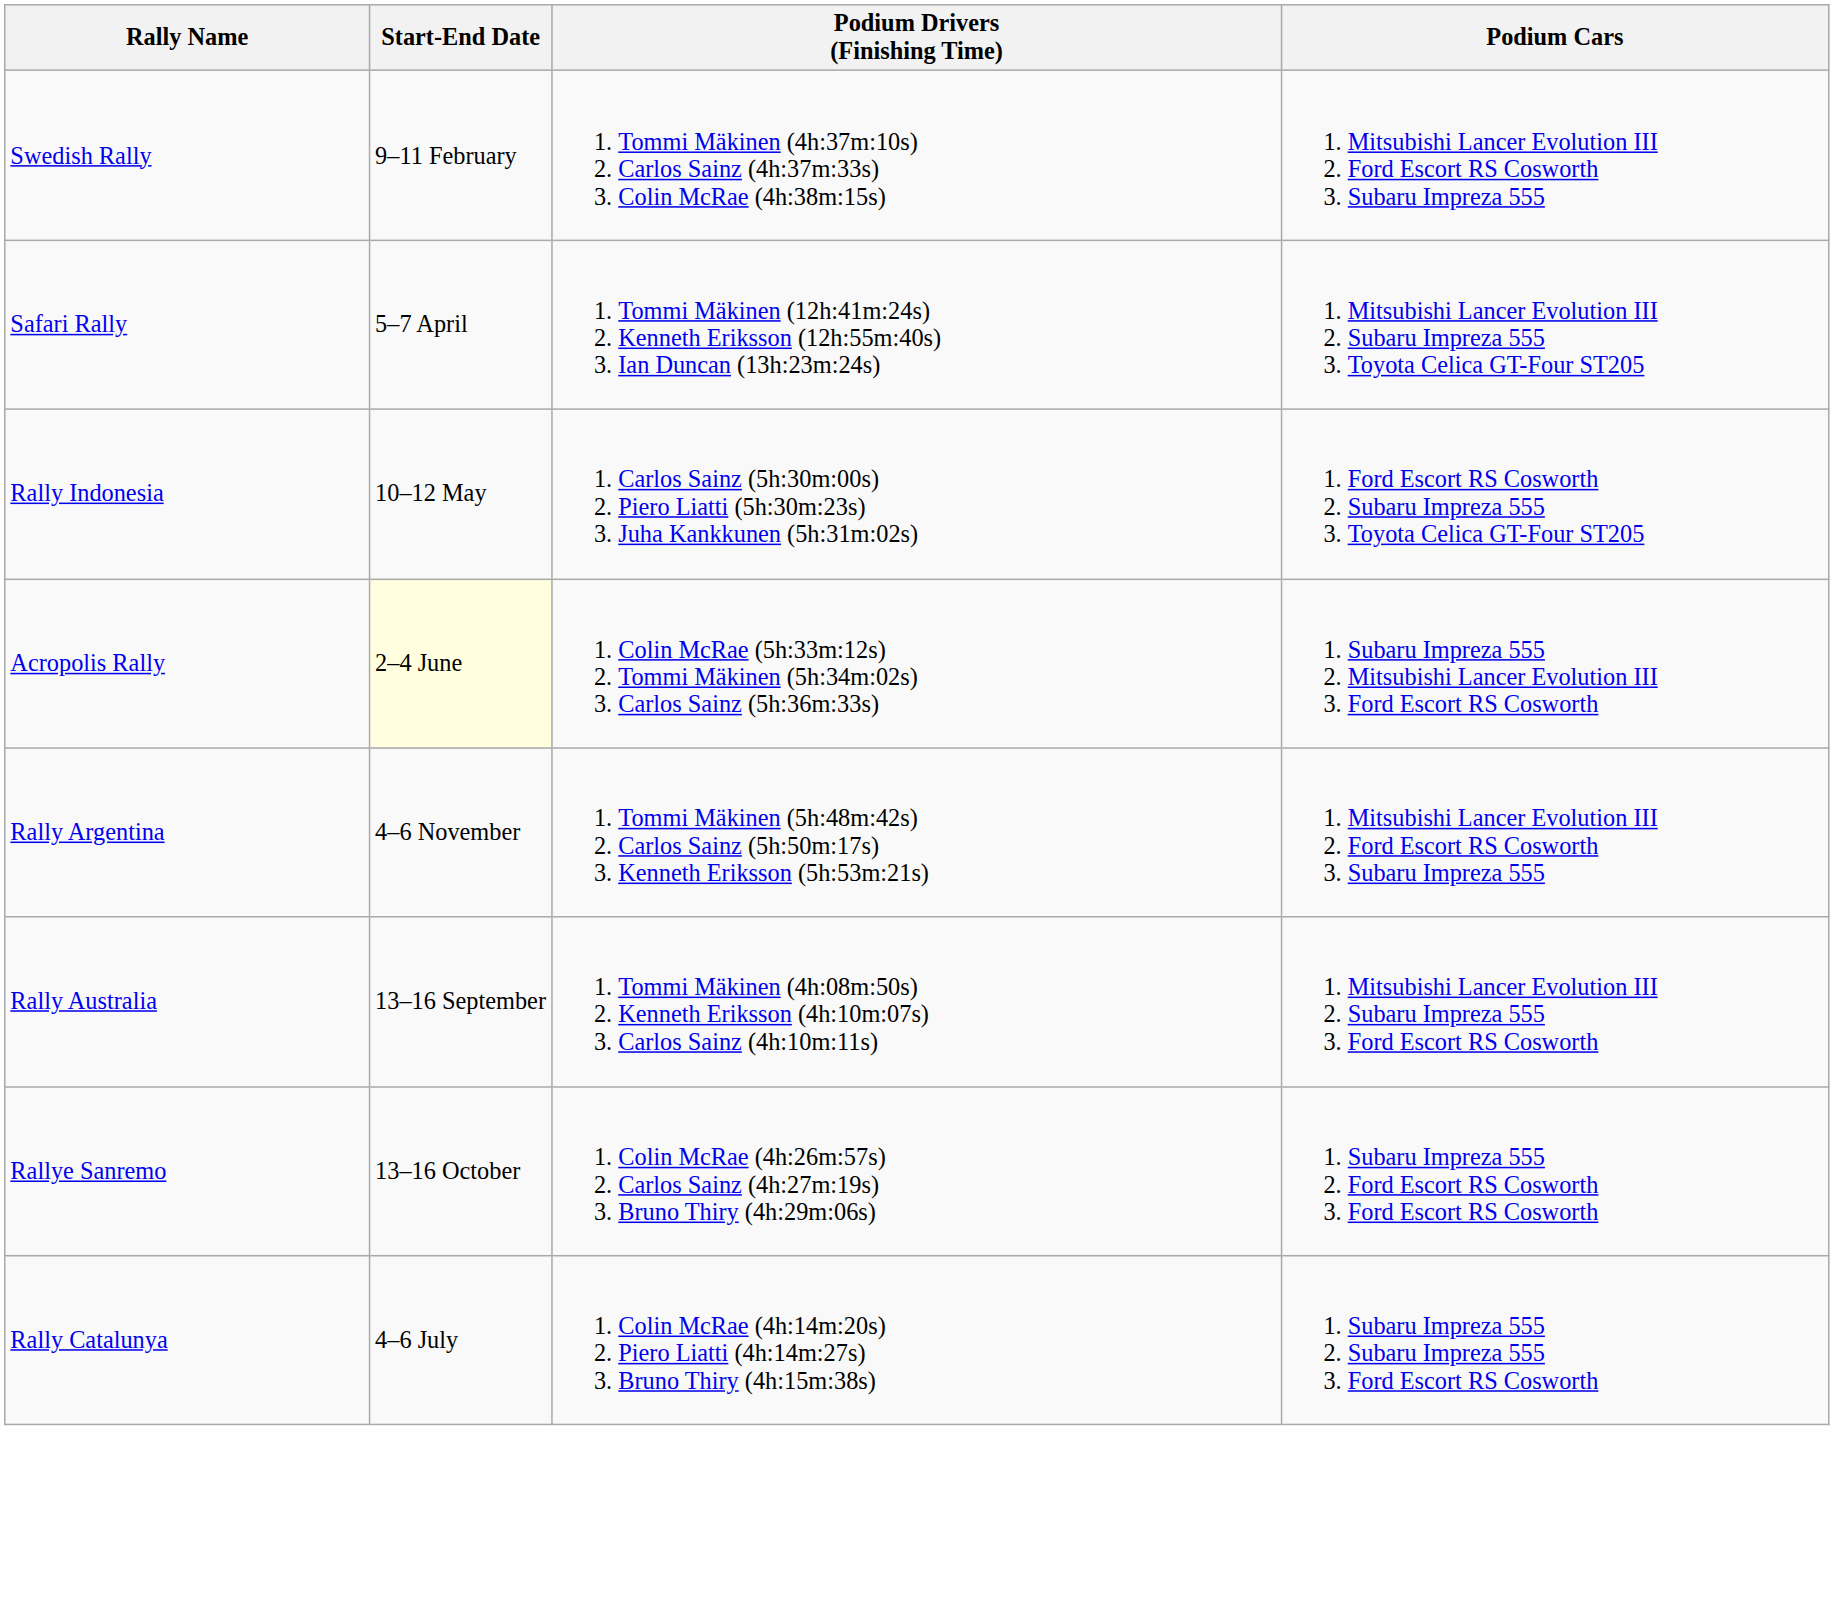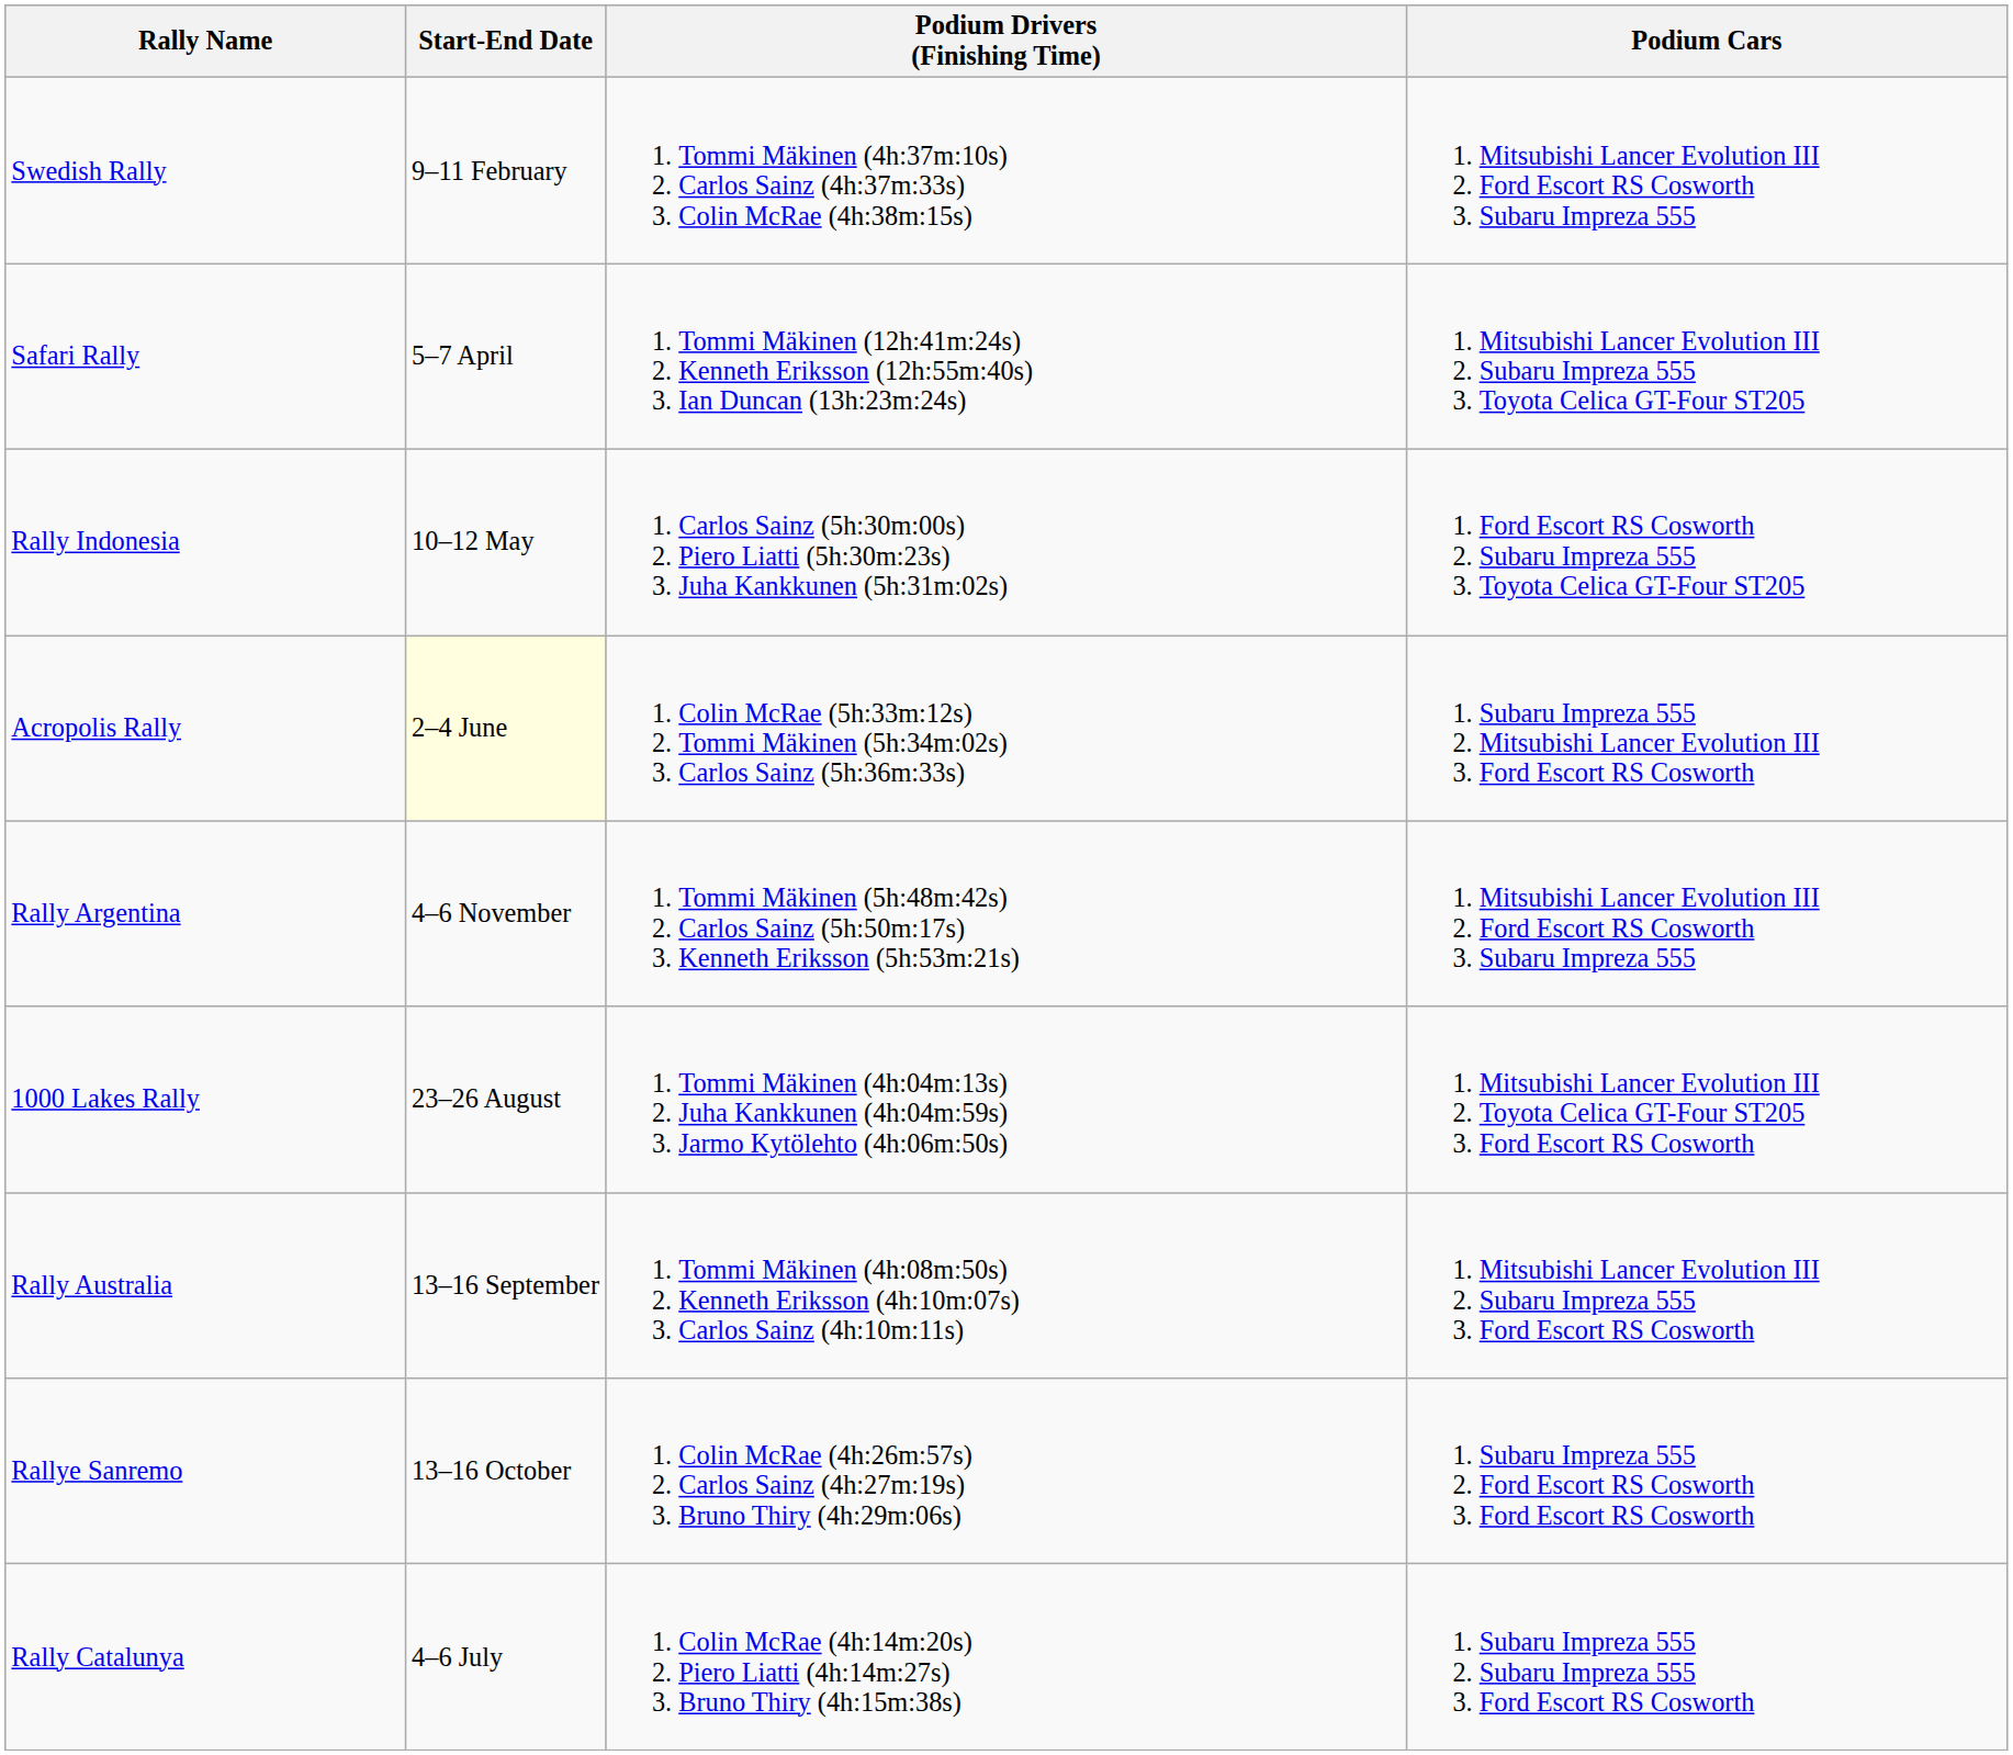 <table class="wikitable" width="95%" align=center>
 <tr style="background:#efefef;">
 <th colspan=1 width=20%>Rally Name</th>
 <th colspan=1 width=10%>Start-End Date</th>
 <th colspan=1 width=40%>Podium Drivers <br>(Finishing Time)</th>
 <th colspan=1 width=30%>Podium Cars</th>
 </tr>
 <tr>
 <td> <a href='#'>Swedish Rally</a></td>
 <td>9–11 February</td>
 <td><br><ol><li> <a href='#'>Tommi Mäkinen</a> (4h:37m:10s)</li><li> <a href='#'>Carlos Sainz</a> (4h:37m:33s)</li><li> <a href='#'>Colin McRae</a> (4h:38m:15s)</li></ol></td>
 <td><br><ol><li><a href='#'>Mitsubishi Lancer Evolution III</a></li><li><a href='#'>Ford Escort RS Cosworth</a></li><li><a href='#'>Subaru Impreza 555</a></li></ol></td>
 </tr>
 <tr>
 <td> <a href='#'>Safari Rally</a></td>
 <td>5–7 April</td>
 <td><br><ol><li> <a href='#'>Tommi Mäkinen</a> (12h:41m:24s)</li><li> <a href='#'>Kenneth Eriksson</a> (12h:55m:40s)</li><li> <a href='#'>Ian Duncan</a> (13h:23m:24s)</li></ol></td>
 <td><br><ol><li><a href='#'>Mitsubishi Lancer Evolution III</a></li><li><a href='#'>Subaru Impreza 555</a></li><li><a href='#'>Toyota Celica GT-Four ST205</a></li></ol></td>
 </tr>
 <tr>
 <td> <a href='#'>Rally Indonesia</a></td>
 <td>10–12 May</td>
 <td><br><ol><li> <a href='#'>Carlos Sainz</a> (5h:30m:00s)</li><li> <a href='#'>Piero Liatti</a> (5h:30m:23s)</li><li> <a href='#'>Juha Kankkunen</a> (5h:31m:02s)</li></ol></td>
 <td><br><ol><li><a href='#'>Ford Escort RS Cosworth</a></li><li><a href='#'>Subaru Impreza 555</a></li><li><a href='#'>Toyota Celica GT-Four ST205</a></li></ol></td>
 </tr>
 <tr>
 <td> <a href='#'>Acropolis Rally</a></td>
 <td style="background: lightyellow;">2–4 June</td>
 <td><br><ol><li> <a href='#'>Colin McRae</a> (5h:33m:12s)</li><li> <a href='#'>Tommi Mäkinen</a> (5h:34m:02s)</li><li> <a href='#'>Carlos Sainz</a> (5h:36m:33s)</li></ol></td>
 <td><br><ol><li><a href='#'>Subaru Impreza 555</a></li><li><a href='#'>Mitsubishi Lancer Evolution III</a></li><li><a href='#'>Ford Escort RS Cosworth</a></li></ol></td>
 </tr>
 <tr>
 <td> <a href='#'>Rally Argentina</a></td>
 <td>4–6 November</td>
 <td><br><ol><li> <a href='#'>Tommi Mäkinen</a> (5h:48m:42s)</li><li> <a href='#'>Carlos Sainz</a> (5h:50m:17s)</li><li> <a href='#'>Kenneth Eriksson</a> (5h:53m:21s)</li></ol></td>
 <td><br><ol><li><a href='#'>Mitsubishi Lancer Evolution III</a></li><li><a href='#'>Ford Escort RS Cosworth</a></li><li><a href='#'>Subaru Impreza 555</a></li></ol></td>
 </tr>
 <tr>
+<td> <a href='#'>1000 Lakes Rally</a></td>
+<td>23–26 August</td>
+<td><br><ol><li> <a href='#'>Tommi Mäkinen</a> (4h:04m:13s)</li><li> <a href='#'>Juha Kankkunen</a> (4h:04m:59s)</li><li> <a href='#'>Jarmo Kytölehto</a> (4h:06m:50s)</li></ol></td>
+<td><br><ol><li><a href='#'>Mitsubishi Lancer Evolution III</a></li><li><a href='#'>Toyota Celica GT-Four ST205</a></li><li><a href='#'>Ford Escort RS Cosworth</a></li></ol></td>
+</tr>
+<tr>
 <td> <a href='#'>Rally Australia</a></td>
 <td>13–16 September</td>
 <td><br><ol><li> <a href='#'>Tommi Mäkinen</a> (4h:08m:50s)</li><li> <a href='#'>Kenneth Eriksson</a> (4h:10m:07s)</li><li> <a href='#'>Carlos Sainz</a> (4h:10m:11s)</li></ol></td>
 <td><br><ol><li><a href='#'>Mitsubishi Lancer Evolution III</a></li><li><a href='#'>Subaru Impreza 555</a></li><li><a href='#'>Ford Escort RS Cosworth</a></li></ol></td>
 </tr>
 <tr>
 <td> <a href='#'>Rallye Sanremo</a></td>
 <td>13–16 October</td>
 <td><br><ol><li> <a href='#'>Colin McRae</a> (4h:26m:57s)</li><li> <a href='#'>Carlos Sainz</a> (4h:27m:19s)</li><li> <a href='#'>Bruno Thiry</a> (4h:29m:06s)</li></ol></td>
 <td><br><ol><li><a href='#'>Subaru Impreza 555</a></li><li><a href='#'>Ford Escort RS Cosworth</a></li><li><a href='#'>Ford Escort RS Cosworth</a></li></ol></td>
 </tr>
 <tr>
 <td> <a href='#'>Rally Catalunya</a></td>
 <td>4–6 July</td>
 <td><br><ol><li> <a href='#'>Colin McRae</a> (4h:14m:20s)</li><li> <a href='#'>Piero Liatti</a> (4h:14m:27s)</li><li> <a href='#'>Bruno Thiry</a> (4h:15m:38s)</li></ol></td>
 <td><br><ol><li><a href='#'>Subaru Impreza 555</a></li><li><a href='#'>Subaru Impreza 555</a></li><li><a href='#'>Ford Escort RS Cosworth</a></li></ol></td>
 </tr>
 </table>
